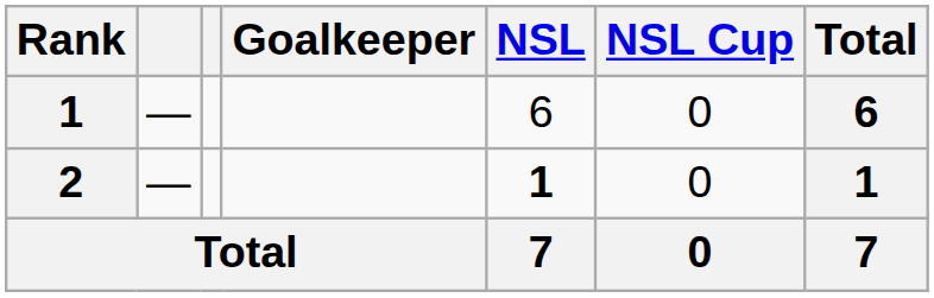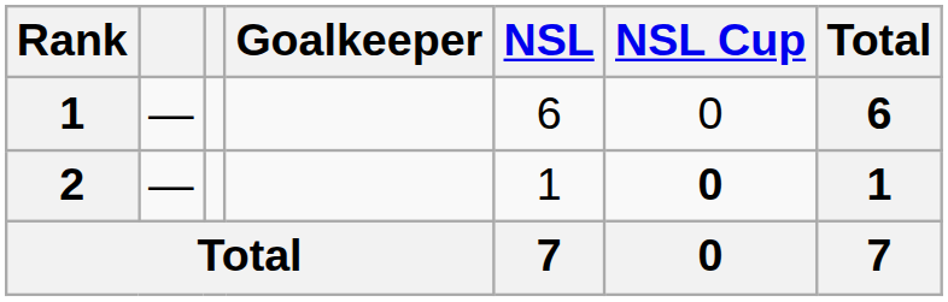 <table class="wikitable sortable" style="text-align:center">
 <tr>
 <th>Rank</th>
 <th></th>
 <th></th>
 <th>Goalkeeper</th>
 <th><a href='#'>NSL</a></th>
 <th><a href='#'>NSL Cup</a></th>
 <th>Total</th>
 </tr>
 <tr>
 <th>1</th>
 <td>—</td>
 <td></td>
 <td align="left"></td>
 <td>6</td>
 <td>0</td>
 <th>6</th>
 </tr>
 <tr>
 <th>2</th>
 <td>—</td>
 <td></td>
 <td align="left"></td>
-<td><strong>1</strong></td>
-<td>0</td>
+<td>1</td>
+<td><strong>0</strong></td>
 <th>1</th>
 </tr>
 <tr>
 <th colspan="4">Total</th>
 <th>7</th>
 <th>0</th>
 <th>7</th>
 </tr>
 </table>
